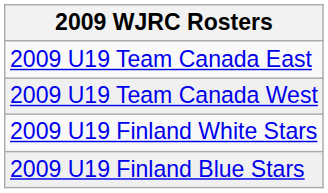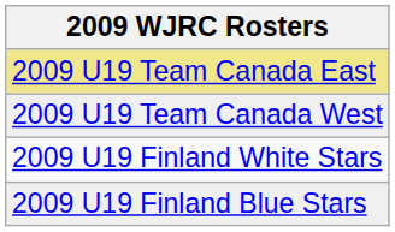 <table class=wikitable style="text-align:left;">
 <tr>
 <th>2009 WJRC Rosters</th>
 </tr>
 <tr>
-<td> <a href='#'>2009 U19 Team Canada East</a></td>
+<td style="background: khaki;"> <a href='#'>2009 U19 Team Canada East</a></td>
 </tr>
 <tr bgcolor="#f0f0f0">
 <td> <a href='#'>2009 U19 Team Canada West</a></td>
 </tr>
 <tr>
 <td> <a href='#'>2009 U19 Finland White Stars</a></td>
 </tr>
 <tr bgcolor="#f0f0f0">
 <td> <a href='#'>2009 U19 Finland Blue Stars</a></td>
 </tr>
 </table>
